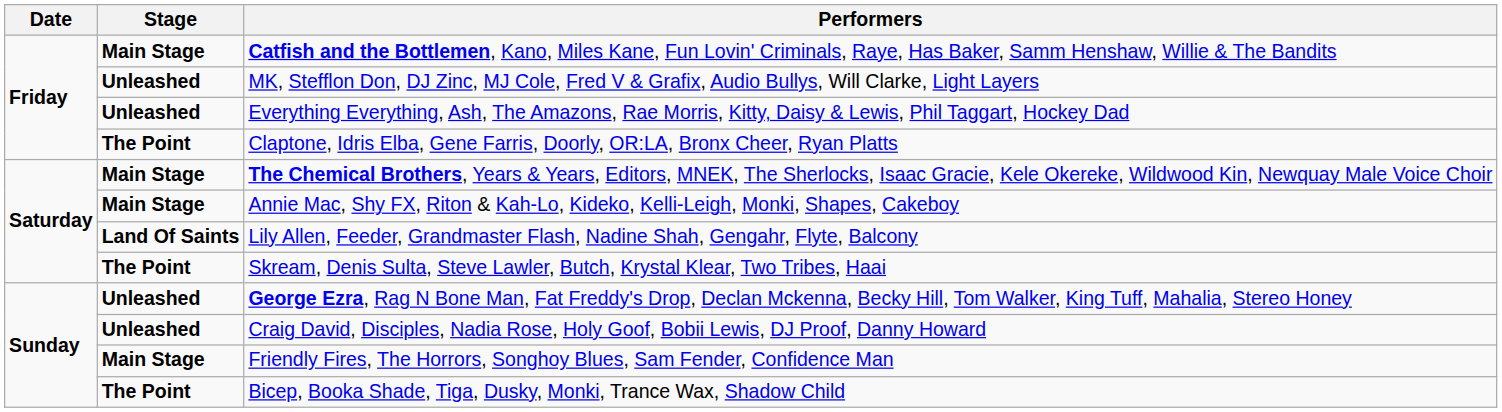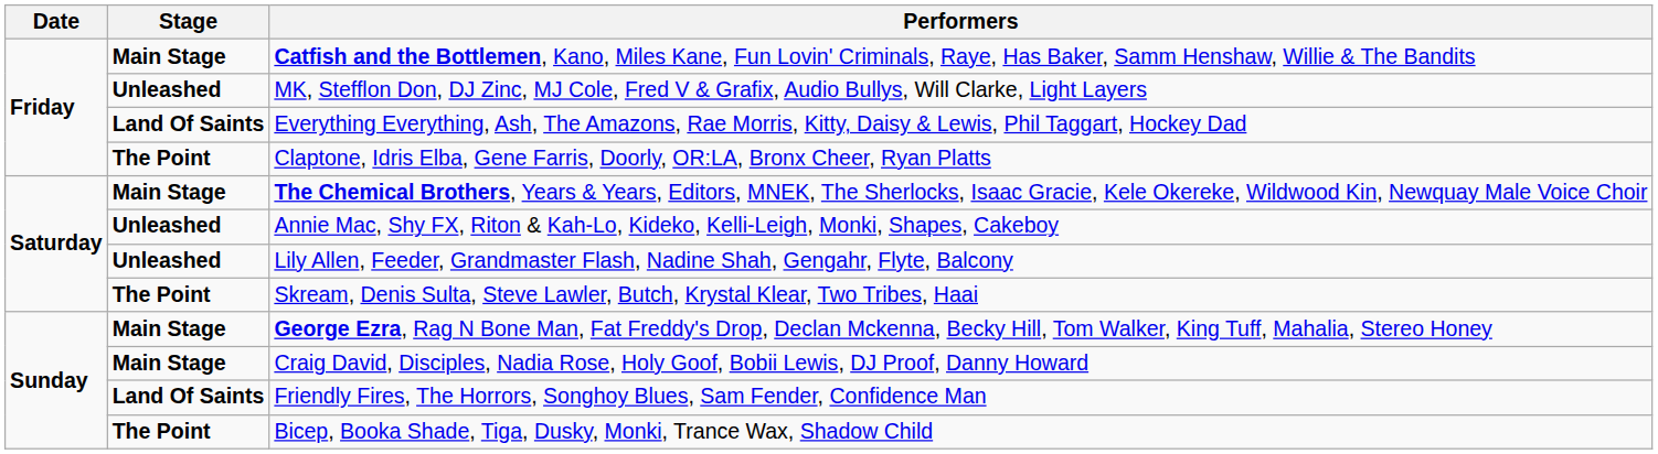 <table class="wikitable">
 <tr>
 <th><strong>Date</strong></th>
 <th><strong>Stage</strong></th>
 <th><strong>Performers</strong></th>
 </tr>
 <tr>
 <td rowspan="4"><strong>Friday</strong></td>
 <td><strong>Main Stage</strong></td>
 <td><strong><a href='#'>Catfish and the Bottlemen</a></strong>, <a href='#'>Kano</a>, <a href='#'>Miles Kane</a>, <a href='#'>Fun Lovin' Criminals</a>, <a href='#'>Raye</a>, <a href='#'>Has Baker</a>, <a href='#'>Samm Henshaw</a>, <a href='#'>Willie & The Bandits</a></td>
 </tr>
 <tr>
 <td><strong>Unleashed</strong></td>
 <td><a href='#'>MK</a>, <a href='#'>Stefflon Don</a>, <a href='#'>DJ Zinc</a>, <a href='#'>MJ Cole</a>, <a href='#'>Fred V & Grafix</a>, <a href='#'>Audio Bullys</a>, Will Clarke, <a href='#'>Light Layers</a></td>
 </tr>
 <tr>
-<td><strong>Unleashed</strong></td>
+<td><strong>Land Of Saints</strong></td>
 <td><a href='#'>Everything Everything</a>, <a href='#'>Ash</a>, <a href='#'>The Amazons</a>, <a href='#'>Rae Morris</a>, <a href='#'>Kitty, Daisy & Lewis</a>, <a href='#'>Phil Taggart</a>, <a href='#'>Hockey Dad</a></td>
 </tr>
 <tr>
 <td><strong>The Point</strong></td>
 <td><a href='#'>Claptone</a>, <a href='#'>Idris Elba</a>, <a href='#'>Gene Farris</a>, <a href='#'>Doorly</a>, <a href='#'>OR:LA</a>, <a href='#'>Bronx Cheer</a>, <a href='#'>Ryan Platts</a></td>
 </tr>
 <tr>
 <td rowspan="4"><strong>Saturday</strong></td>
 <td><strong>Main Stage</strong></td>
 <td><strong><a href='#'>The Chemical Brothers</a></strong>, <a href='#'>Years & Years</a>, <a href='#'>Editors</a>, <a href='#'>MNEK</a>, <a href='#'>The Sherlocks</a>, <a href='#'>Isaac Gracie</a>, <a href='#'>Kele Okereke</a>, <a href='#'>Wildwood Kin</a>, <a href='#'>Newquay Male Voice Choir</a></td>
 </tr>
 <tr>
-<td><strong>Main Stage</strong></td>
+<td><strong>Unleashed</strong></td>
 <td><a href='#'>Annie Mac</a>, <a href='#'>Shy FX</a>, <a href='#'>Riton</a> & <a href='#'>Kah-Lo</a>, <a href='#'>Kideko</a>, <a href='#'>Kelli-Leigh</a>, <a href='#'>Monki</a>, <a href='#'>Shapes</a>, <a href='#'>Cakeboy</a></td>
 </tr>
 <tr>
-<td><strong>Land Of Saints</strong></td>
+<td><strong>Unleashed</strong></td>
 <td><a href='#'>Lily Allen</a>, <a href='#'>Feeder</a>, <a href='#'>Grandmaster Flash</a>, <a href='#'>Nadine Shah</a>, <a href='#'>Gengahr</a>, <a href='#'>Flyte</a>, <a href='#'>Balcony</a></td>
 </tr>
 <tr>
 <td><strong>The Point</strong></td>
 <td><a href='#'>Skream</a>, <a href='#'>Denis Sulta</a>, <a href='#'>Steve Lawler</a>, <a href='#'>Butch</a>, <a href='#'>Krystal Klear</a>, <a href='#'>Two Tribes</a>, <a href='#'>Haai</a></td>
 </tr>
 <tr>
 <td rowspan="4"><strong>Sunday</strong></td>
-<td><strong>Unleashed</strong></td>
+<td><strong>Main Stage</strong></td>
 <td><strong><a href='#'>George Ezra</a></strong>, <a href='#'>Rag N Bone Man</a>, <a href='#'>Fat Freddy's Drop</a>, <a href='#'>Declan Mckenna</a>, <a href='#'>Becky Hill</a>, <a href='#'>Tom Walker</a>, <a href='#'>King Tuff</a>, <a href='#'>Mahalia</a>, <a href='#'>Stereo Honey</a></td>
 </tr>
 <tr>
-<td><strong>Unleashed</strong></td>
+<td><strong>Main Stage</strong></td>
 <td><a href='#'>Craig David</a>, <a href='#'>Disciples</a>, <a href='#'>Nadia Rose</a>, <a href='#'>Holy Goof</a>, <a href='#'>Bobii Lewis</a>, <a href='#'>DJ Proof</a>, <a href='#'>Danny Howard</a></td>
 </tr>
 <tr>
-<td><strong>Main Stage</strong></td>
+<td><strong>Land Of Saints</strong></td>
 <td><a href='#'>Friendly Fires</a>, <a href='#'>The Horrors</a>, <a href='#'>Songhoy Blues</a>, <a href='#'>Sam Fender</a>, <a href='#'>Confidence Man</a></td>
 </tr>
 <tr>
 <td><strong>The Point</strong></td>
 <td><a href='#'>Bicep</a>, <a href='#'>Booka Shade</a>, <a href='#'>Tiga</a>, <a href='#'>Dusky</a>, <a href='#'>Monki</a>, Trance Wax, <a href='#'>Shadow Child</a></td>
 </tr>
 </table>
